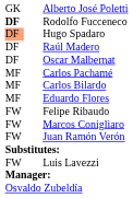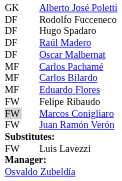 <table style="font-size:90%; margin:0.2em auto;" cellspacing="0" cellpadding="0">
 <tr>
 <th width="25"></th>
 <th width="25"></th>
 </tr>
 <tr>
 <td>GK</td>
 <td></td>
 <td> <a href='#'>Alberto José Poletti</a></td>
 </tr>
 <tr>
-<td><strong>DF</strong></td>
+<td>DF</td>
 <td></td>
 <td> Rodolfo Fucceneco</td>
 </tr>
 <tr>
-<td style="background: lightsalmon;">DF</td>
+<td>DF</td>
 <td></td>
 <td> Hugo Spadaro</td>
 </tr>
 <tr>
 <td>DF</td>
 <td></td>
 <td> <a href='#'>Raúl Madero</a></td>
 </tr>
 <tr>
 <td>DF</td>
 <td></td>
 <td> <a href='#'>Oscar Malbernat</a></td>
 </tr>
 <tr>
 <td>MF</td>
 <td></td>
 <td> <a href='#'>Carlos Pachamé</a></td>
 </tr>
 <tr>
 <td>MF</td>
 <td></td>
 <td> <a href='#'>Carlos Bilardo</a></td>
 </tr>
 <tr>
 <td>MF</td>
 <td></td>
 <td> <a href='#'>Eduardo Flores</a></td>
 </tr>
 <tr>
 <td>FW</td>
 <td></td>
 <td> Felipe Ribaudo </td>
 </tr>
 <tr>
-<td>FW</td>
+<td style="background: lightgrey;">FW</td>
 <td></td>
 <td> <a href='#'>Marcos Conigliaro</a></td>
 </tr>
 <tr>
 <td>FW</td>
 <td></td>
 <td> <a href='#'>Juan Ramón Verón</a></td>
 </tr>
 <tr>
 <td colspan=3><strong>Substitutes:</strong></td>
 </tr>
 <tr>
 <td>FW</td>
 <td></td>
 <td> Luis Lavezzi </td>
 </tr>
 <tr>
 <td colspan=3><strong>Manager:</strong></td>
 </tr>
 <tr>
 <td colspan=4> <a href='#'>Osvaldo Zubeldía</a></td>
 </tr>
 </table>
